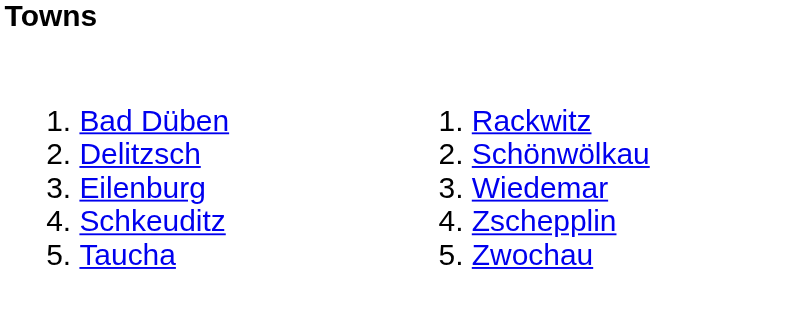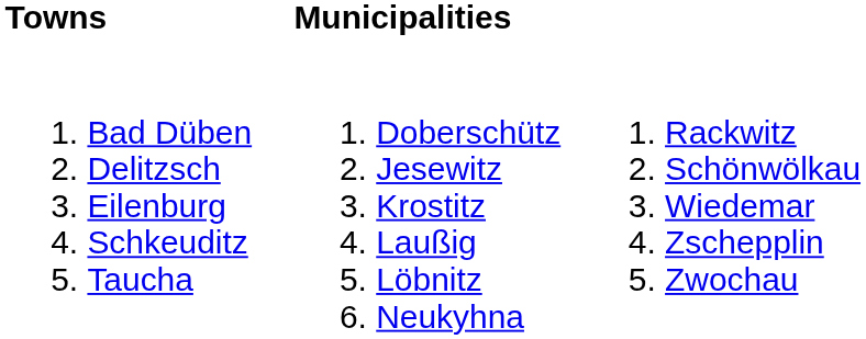 <table>
 <tr>
 <th align=left width=33%>Towns</th>
+<th align=left width=33%>Municipalities</th>
 <th align=left width=33%></th>
 </tr>
 <tr valign=top>
 <td><br><ol><li><a href='#'>Bad Düben</a></li><li><a href='#'>Delitzsch</a></li><li><a href='#'>Eilenburg</a></li><li><a href='#'>Schkeuditz</a></li><li><a href='#'>Taucha</a></li></ol></td>
+<td><br><ol><li><a href='#'>Doberschütz</a></li><li><a href='#'>Jesewitz</a></li><li><a href='#'>Krostitz</a></li><li><a href='#'>Laußig</a></li><li><a href='#'>Löbnitz</a></li><li><a href='#'>Neukyhna</a></li></ol></td>
 <td><br><ol> <li> <a href='#'>Rackwitz</a> <li> <a href='#'>Schönwölkau</a> <li> <a href='#'>Wiedemar</a> <li> <a href='#'>Zschepplin</a> <li> <a href='#'>Zwochau</a> </ol></td>
 </tr>
 </table>
